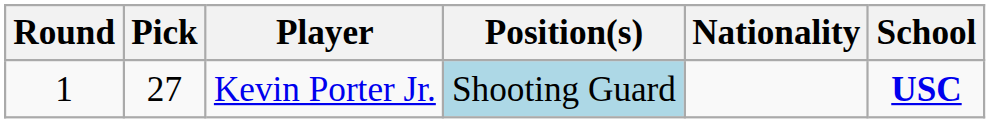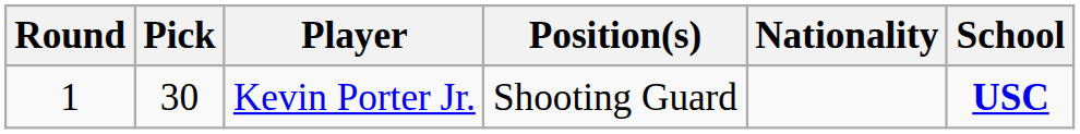 <table class="wikitable sortable sortable">
 <tr>
 <th>Round</th>
 <th>Pick</th>
 <th>Player</th>
 <th>Position(s)</th>
 <th>Nationality</th>
 <th>School</th>
 </tr>
 <tr style="text-align: center">
 <td>1</td>
-<td>27</td>
+<td>30</td>
 <td><a href='#'>Kevin Porter Jr.</a></td>
-<td style="background: lightblue;">Shooting Guard</td>
+<td>Shooting Guard</td>
 <td></td>
 <td><strong><a href='#'>USC</a></strong></td>
 </tr>
 </table>
